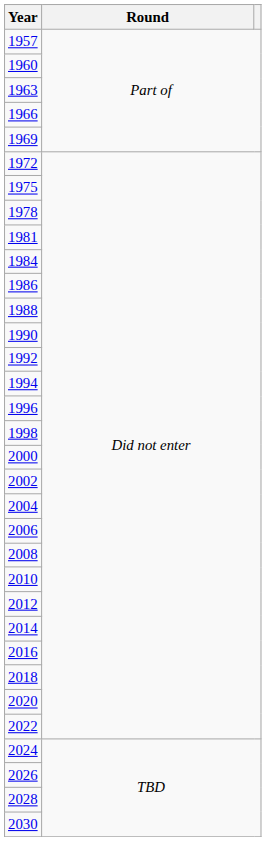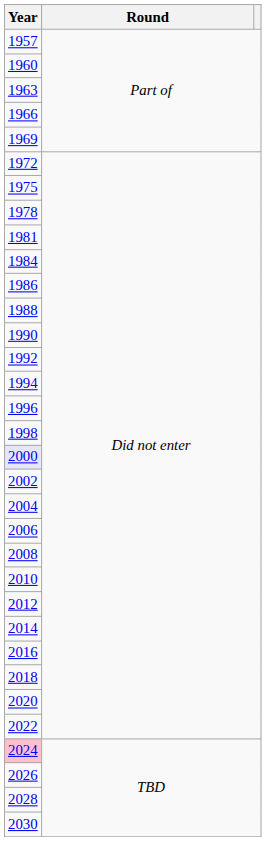 <table class="wikitable" style="text-align: center; font-size:90%">
 <tr>
 <th>Year</th>
 <th style="width:200px">Round</th>
 <th></th>
 </tr>
 <tr>
 <td><a href='#'>1957</a></td>
 <td colspan="2" rowspan="5"><em>Part of </em></td>
 </tr>
 <tr>
 <td><a href='#'>1960</a></td>
 </tr>
 <tr>
 <td><a href='#'>1963</a></td>
 </tr>
 <tr>
 <td><a href='#'>1966</a></td>
 </tr>
 <tr>
 <td><a href='#'>1969</a></td>
 </tr>
 <tr>
 <td><a href='#'>1972</a></td>
 <td colspan="2" rowspan="24"><em>Did not enter</em></td>
 </tr>
 <tr>
 <td><a href='#'>1975</a></td>
 </tr>
 <tr>
 <td><a href='#'>1978</a></td>
 </tr>
 <tr>
 <td><a href='#'>1981</a></td>
 </tr>
 <tr>
 <td><a href='#'>1984</a></td>
 </tr>
 <tr>
 <td><a href='#'>1986</a></td>
 </tr>
 <tr>
 <td><a href='#'>1988</a></td>
 </tr>
 <tr>
 <td><a href='#'>1990</a></td>
 </tr>
 <tr>
 <td><a href='#'>1992</a></td>
 </tr>
 <tr>
 <td><a href='#'>1994</a></td>
 </tr>
 <tr>
 <td><a href='#'>1996</a></td>
 </tr>
 <tr>
 <td><a href='#'>1998</a></td>
 </tr>
 <tr>
-<td><a href='#'>2000</a></td>
+<td style="background: lavender;"><a href='#'>2000</a></td>
 </tr>
 <tr>
 <td><a href='#'>2002</a></td>
 </tr>
 <tr>
 <td><a href='#'>2004</a></td>
 </tr>
 <tr>
 <td><a href='#'>2006</a></td>
 </tr>
 <tr>
 <td><a href='#'>2008</a></td>
 </tr>
 <tr>
 <td><a href='#'>2010</a></td>
 </tr>
 <tr>
 <td><a href='#'>2012</a></td>
 </tr>
 <tr>
 <td><a href='#'>2014</a></td>
 </tr>
 <tr>
 <td><a href='#'>2016</a></td>
 </tr>
 <tr>
 <td><a href='#'>2018</a></td>
 </tr>
 <tr>
 <td><a href='#'>2020</a></td>
 </tr>
 <tr>
 <td><a href='#'>2022</a></td>
 </tr>
 <tr>
-<td><a href='#'>2024</a></td>
+<td style="background: pink;"><a href='#'>2024</a></td>
 <td colspan="2" rowspan="4"><em>TBD</em></td>
 </tr>
 <tr>
 <td><a href='#'>2026</a></td>
 </tr>
 <tr>
 <td><a href='#'>2028</a></td>
 </tr>
 <tr>
 <td><a href='#'>2030</a></td>
 </tr>
 </table>
